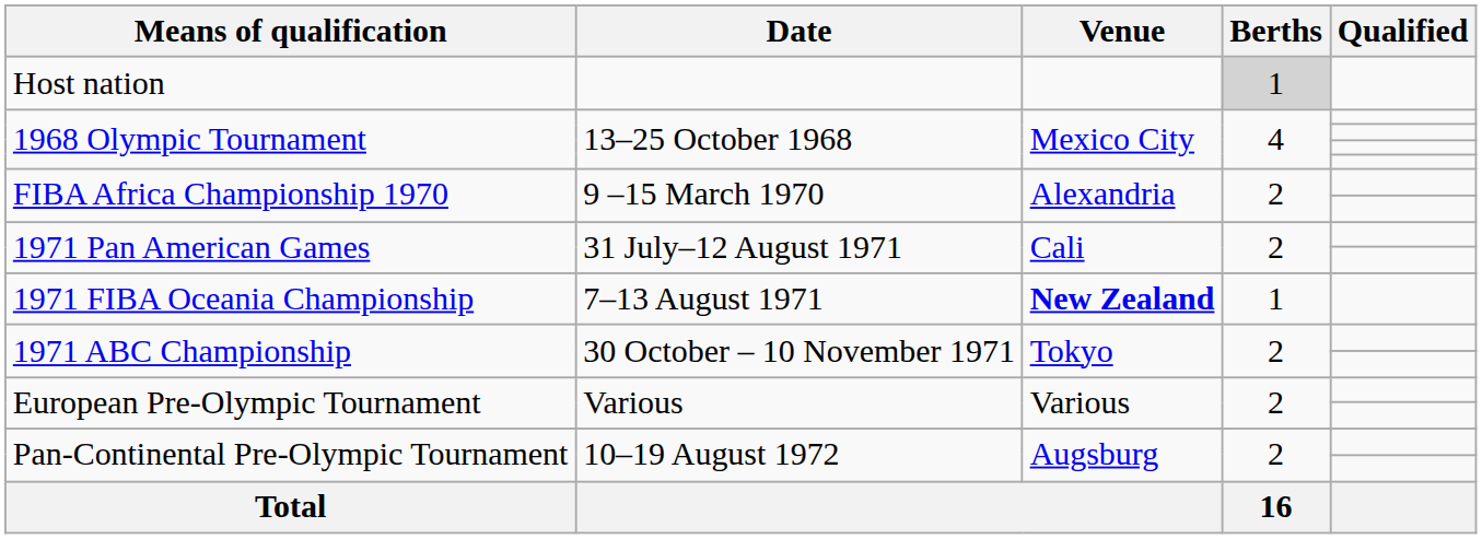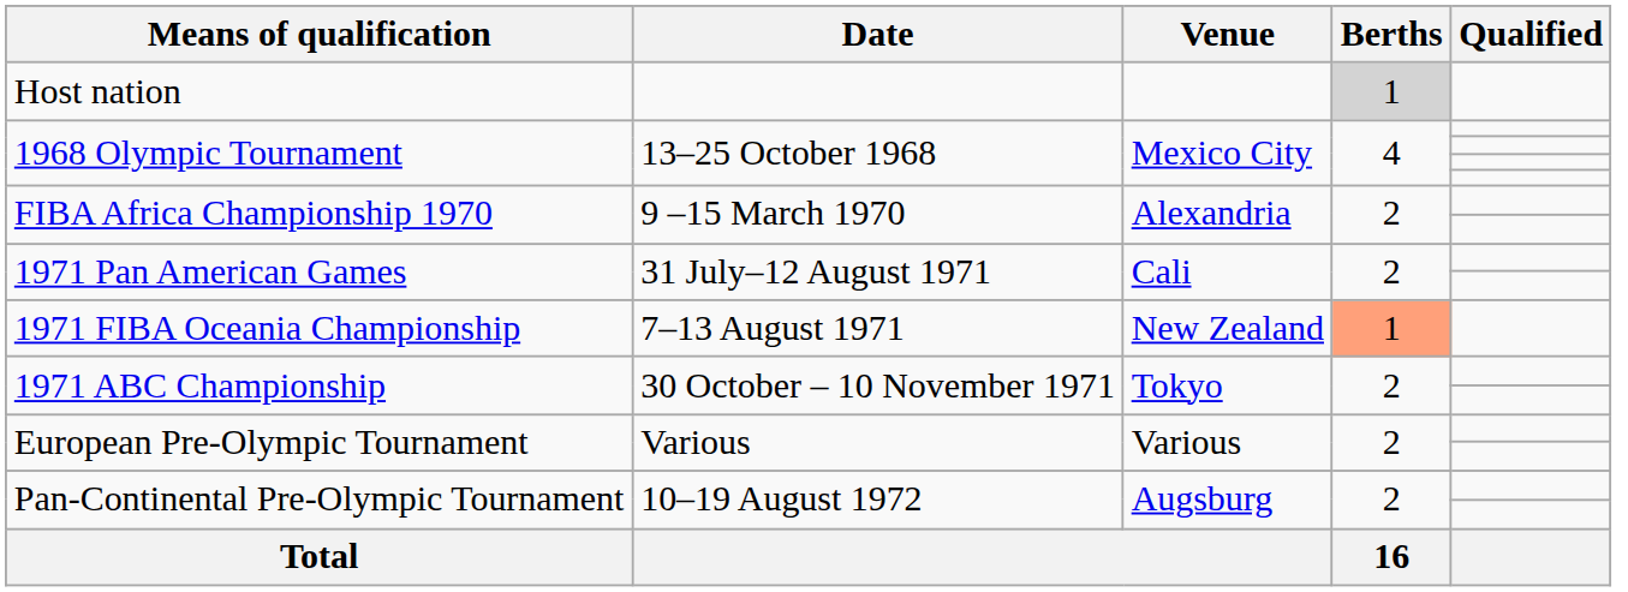 <table class="wikitable">
 <tr>
 <th>Means of qualification</th>
 <th>Date</th>
 <th>Venue</th>
 <th>Berths</th>
 <th>Qualified</th>
 </tr>
 <tr>
 <td>Host nation</td>
 <td></td>
 <td></td>
 <td style="background: lightgrey; text-align:center;">1</td>
 <td></td>
 </tr>
 <tr>
 <td rowspan=4><a href='#'>1968 Olympic Tournament</a></td>
 <td rowspan=4>13–25 October 1968</td>
 <td rowspan=4> <a href='#'>Mexico City</a></td>
 <td rowspan=4 style="text-align:center;">4</td>
 <td></td>
 </tr>
 <tr>
 <td></td>
 </tr>
 <tr>
 <td></td>
 </tr>
 <tr>
 <td></td>
 </tr>
 <tr>
 <td rowspan="2"><a href='#'>FIBA Africa Championship 1970</a></td>
 <td rowspan="2">9 –15 March 1970</td>
 <td rowspan="2"> <a href='#'>Alexandria</a></td>
 <td rowspan="2" style="text-align:center;">2</td>
 <td></td>
 </tr>
 <tr>
 <td></td>
 </tr>
 <tr>
 <td rowspan=2><a href='#'>1971 Pan American Games</a></td>
 <td rowspan=2>31 July–12 August 1971</td>
 <td rowspan=2> <a href='#'>Cali</a></td>
 <td rowspan=2 style="text-align:center;">2</td>
 <td></td>
 </tr>
 <tr>
 <td></td>
 </tr>
 <tr>
 <td><a href='#'>1971 FIBA Oceania Championship</a></td>
 <td>7–13 August 1971</td>
-<td><strong> <a href='#'>New Zealand</a></strong></td>
-<td style="text-align:center;">1</td>
+<td> <a href='#'>New Zealand</a></td>
+<td style="background: lightsalmon; text-align:center;">1</td>
 <td></td>
 </tr>
 <tr>
 <td rowspan="2"><a href='#'>1971 ABC Championship</a></td>
 <td rowspan="2">30 October – 10 November 1971</td>
 <td rowspan="2"> <a href='#'>Tokyo</a></td>
 <td rowspan="2" style="text-align:center;">2</td>
 <td></td>
 </tr>
 <tr>
 <td></td>
 </tr>
 <tr>
 <td rowspan="2">European Pre-Olympic Tournament</td>
 <td rowspan="2">Various</td>
 <td rowspan="2">Various</td>
 <td rowspan="2" style="text-align:center;">2</td>
 <td></td>
 </tr>
 <tr>
 <td></td>
 </tr>
 <tr>
 <td rowspan="2">Pan-Continental Pre-Olympic Tournament</td>
 <td rowspan="2">10–19 August 1972</td>
 <td rowspan="2"> <a href='#'>Augsburg</a></td>
 <td rowspan="2" style="text-align:center;">2</td>
 <td></td>
 </tr>
 <tr>
 <td></td>
 </tr>
 <tr>
 <th>Total</th>
 <th colspan="2"></th>
 <th>16</th>
 <th></th>
 </tr>
 </table>
